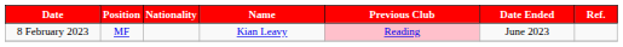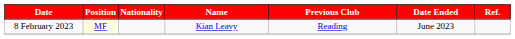 <table class="wikitable"  style="text-align:center; font-size:90%; ">
 <tr>
 <th style="background:#FF0000;color:white;border:1px solid black; width:120px;">Date</th>
 <th style="background:#FF0000;color:white;border:1px solid black; width:50px;">Position</th>
 <th style="background:#FF0000;color:white;border:1px solid black; width:50px;">Nationality</th>
 <th style="background:#FF0000;color:white;border:1px solid black; width:160px;">Name</th>
 <th style="background:#FF0000;color:white;border:1px solid black; width:200px;">Previous Club</th>
 <th style="background:#FF0000;color:white;border:1px solid black; width:120px;">Date Ended</th>
 <th style="background:#FF0000;color:white;border:1px solid black; width:50px;">Ref.</th>
 </tr>
 <tr>
 <td>8 February 2023</td>
-<td><a href='#'>MF</a></td>
+<td style="background: lightyellow;"><a href='#'>MF</a></td>
 <td></td>
 <td><a href='#'>Kian Leavy</a></td>
-<td style="background: pink;"> <a href='#'>Reading</a></td>
+<td> <a href='#'>Reading</a></td>
 <td>June 2023</td>
 <td></td>
 </tr>
 <tr>
 </tr>
 </table>
